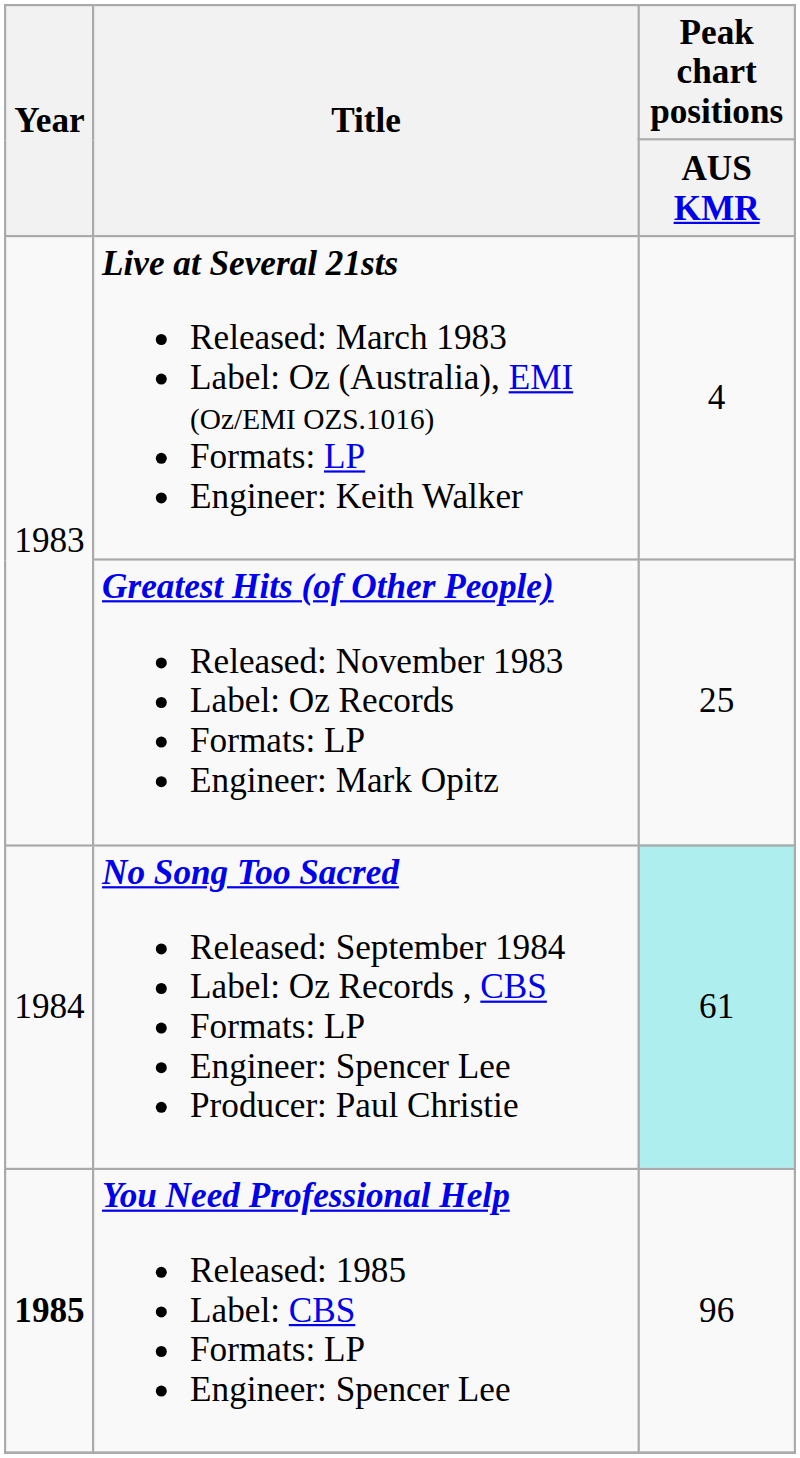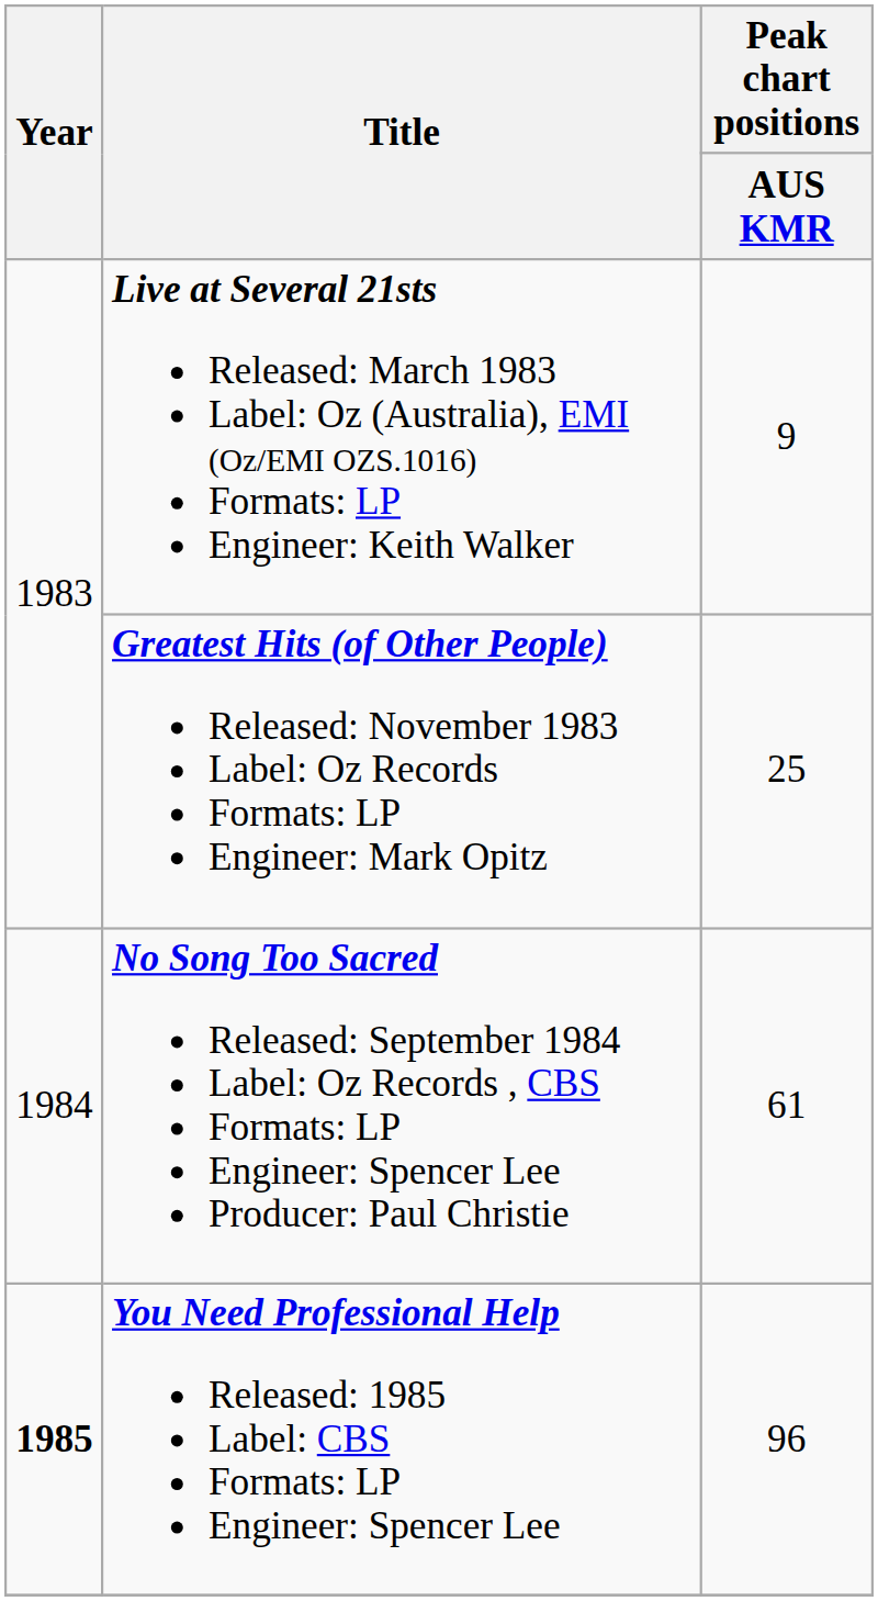 <table class="wikitable">
 <tr>
 <th rowspan="2" width="33">Year</th>
 <th rowspan="2" width="240">Title</th>
 <th colspan="1">Peak chart positions</th>
 </tr>
 <tr>
 <th style="width:4em">AUS<br><a href='#'>KMR</a><br></th>
 </tr>
 <tr>
 <td align="center" rowspan="2">1983</td>
 <td><strong><em>Live at Several 21sts</em></strong><br><ul><li>Released: March 1983</li><li>Label: Oz (Australia), <a href='#'>EMI</a> <small>(Oz/EMI OZS.1016)</small></li><li>Formats: <a href='#'>LP</a></li><li>Engineer: Keith Walker</li></ul></td>
-<td align="center">4</td>
+<td align="center">9</td>
 </tr>
 <tr>
 <td><strong><em><a href='#'>Greatest Hits (of Other People)</a></em></strong><br><ul><li>Released: November 1983</li><li>Label: Oz Records <small></small></li><li>Formats: LP</li><li>Engineer: Mark Opitz</li></ul></td>
 <td align="center">25</td>
 </tr>
 <tr>
 <td align="center">1984</td>
 <td><strong><em><a href='#'>No Song Too Sacred</a></em></strong><br><ul><li>Released: September 1984</li><li>Label: Oz Records <small></small>, <a href='#'>CBS</a></li><li>Formats: LP</li><li>Engineer: Spencer Lee</li><li>Producer: Paul Christie</li></ul></td>
-<td align="center" style="background: paleturquoise;">61</td>
+<td align="center">61</td>
 </tr>
 <tr>
 <td align="center"><strong>1985</strong></td>
 <td><strong><em><a href='#'>You Need Professional Help</a></em></strong><br><ul><li>Released: 1985</li><li>Label: <a href='#'>CBS</a> <small></small></li><li>Formats: LP</li><li>Engineer: Spencer Lee</li></ul></td>
 <td align="center">96</td>
 </tr>
 <tr>
 </tr>
 </table>
